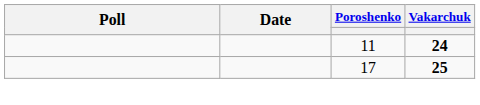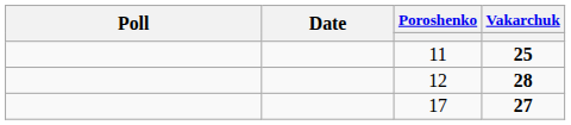 <table class="wikitable" style="text-align:center;font-size:95%;line-height:14px;">
 <tr>
 <th rowspan=2 style="width:200px;">Poll</th>
 <th rowspan=2 style="width:100px;">Date</th>
 <th> <small><a href='#'>Poroshenko</a></small><br></th>
 <th><small><a href='#'>Vakarchuk</a></small><br></th>
 </tr>
 <tr>
 <th style="background:"></th>
 <th style="background:"></th>
 </tr>
 <tr>
 <td></td>
 <td></td>
 <td>11</td>
-<td style="background-color:#"><strong>24</strong></td>
+<td style="background-color:#"><strong>25</strong></td>
+</tr>
+<tr>
+<td> </td>
+<td></td>
+<td>12</td>
+<td style="background-color:#"><strong>28</strong></td>
 </tr>
 <tr>
 <td> </td>
 <td></td>
 <td>17</td>
-<td style="background-color:#"><strong>25</strong></td>
+<td style="background-color:#"><strong>27</strong></td>
 </tr>
 </table>
